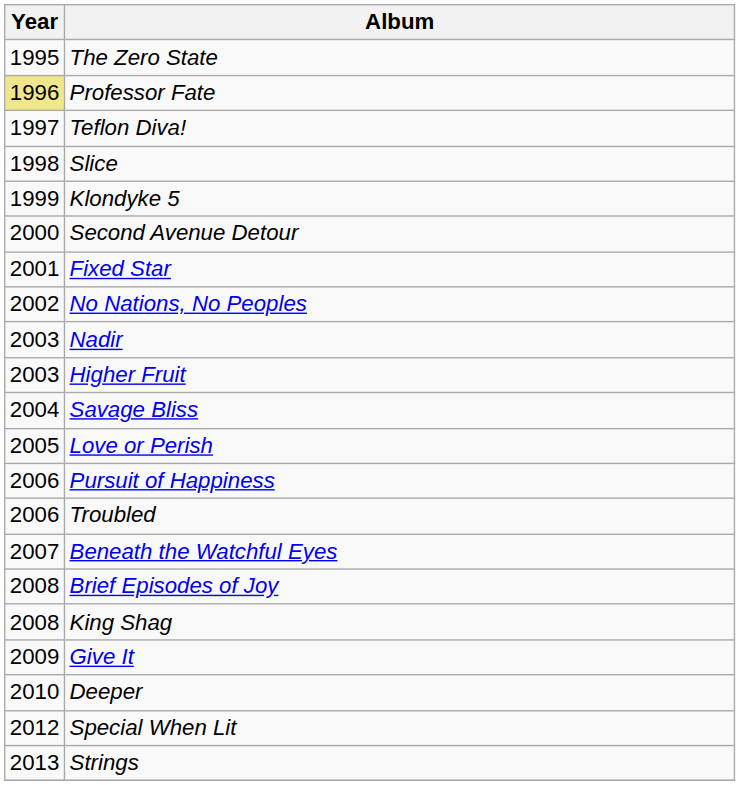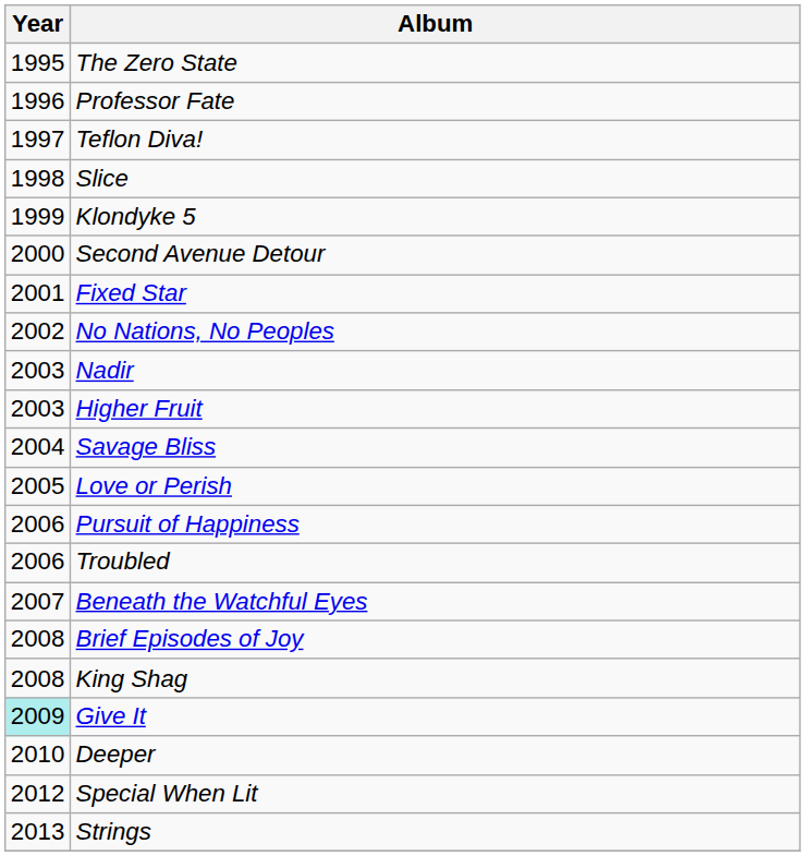 <table class="wikitable">
 <tr>
 <th width="30">Year</th>
 <th width="475">Album</th>
 </tr>
 <tr>
 <td>1995</td>
 <td><em>The Zero State</em></td>
 </tr>
 <tr>
-<td style="background: khaki;">1996</td>
+<td>1996</td>
 <td><em>Professor Fate</em></td>
 </tr>
 <tr>
 <td>1997</td>
 <td><em>Teflon Diva!</em></td>
 </tr>
 <tr>
 <td>1998</td>
 <td><em>Slice</em></td>
 </tr>
 <tr>
 <td>1999</td>
 <td><em>Klondyke 5</em></td>
 </tr>
 <tr>
 <td>2000</td>
 <td><em>Second Avenue Detour</em></td>
 </tr>
 <tr>
 <td>2001</td>
 <td><em><a href='#'>Fixed Star</a></em></td>
 </tr>
 <tr>
 <td>2002</td>
 <td><em><a href='#'>No Nations, No Peoples</a></em></td>
 </tr>
 <tr>
 <td>2003</td>
 <td><em><a href='#'>Nadir</a></em></td>
 </tr>
 <tr>
 <td>2003</td>
 <td><em><a href='#'>Higher Fruit</a></em></td>
 </tr>
 <tr>
 <td>2004</td>
 <td><em><a href='#'>Savage Bliss</a></em></td>
 </tr>
 <tr>
 <td>2005</td>
 <td><em><a href='#'>Love or Perish</a></em></td>
 </tr>
 <tr>
 <td>2006</td>
 <td><em><a href='#'>Pursuit of Happiness</a></em></td>
 </tr>
 <tr>
 <td>2006</td>
 <td><em>Troubled</em></td>
 </tr>
 <tr>
 <td>2007</td>
 <td><em><a href='#'>Beneath the Watchful Eyes</a></em></td>
 </tr>
 <tr>
 <td>2008</td>
 <td><em><a href='#'>Brief Episodes of Joy</a></em></td>
 </tr>
 <tr>
 <td>2008</td>
 <td><em>King Shag</em></td>
 </tr>
 <tr>
-<td>2009</td>
+<td style="background: paleturquoise;">2009</td>
 <td><em><a href='#'>Give It</a></em></td>
 </tr>
 <tr>
 <td>2010</td>
 <td><em>Deeper</em></td>
 </tr>
 <tr>
 <td>2012</td>
 <td><em>Special When Lit</em></td>
 </tr>
 <tr>
 <td>2013</td>
 <td><em>Strings</em></td>
 </tr>
 <tr>
 </tr>
 </table>
